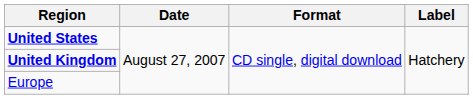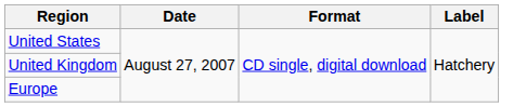 <table class=wikitable>
 <tr>
 <th>Region</th>
 <th>Date</th>
 <th>Format</th>
 <th>Label</th>
 </tr>
 <tr>
-<td><strong><a href='#'>United States</a></strong></td>
+<td><a href='#'>United States</a></td>
 <td rowspan ="3">August 27, 2007</td>
 <td rowspan="3"><a href='#'>CD single</a>, <a href='#'>digital download</a></td>
 <td rowspan="3">Hatchery</td>
 </tr>
 <tr>
-<td><strong><a href='#'>United Kingdom</a></strong></td>
+<td><a href='#'>United Kingdom</a></td>
 </tr>
 <tr>
 <td><a href='#'>Europe</a></td>
 </tr>
 </table>
